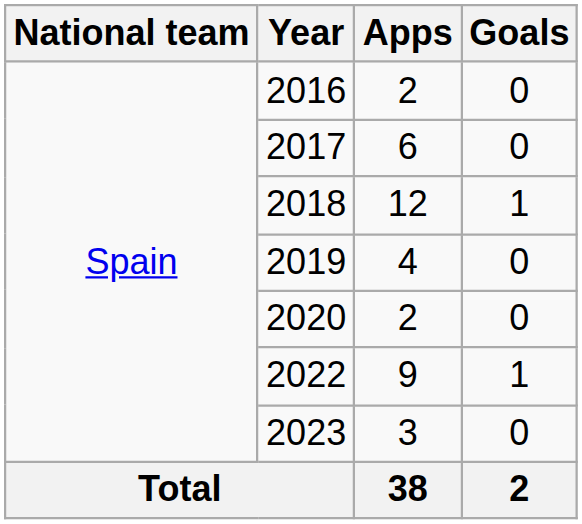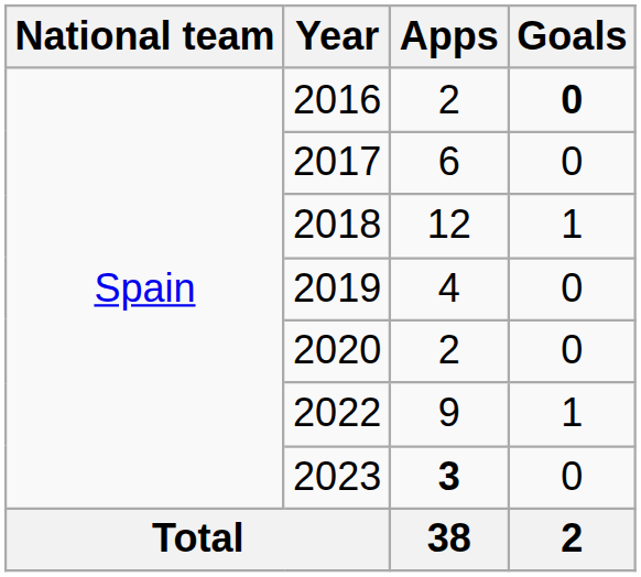 <table class="wikitable" style="text-align: center;">
 <tr>
 <th>National team</th>
 <th>Year</th>
 <th>Apps</th>
 <th>Goals</th>
 </tr>
 <tr>
 <td rowspan="7"><a href='#'>Spain</a></td>
 <td>2016</td>
 <td>2</td>
-<td>0</td>
+<td><strong>0</strong></td>
 </tr>
 <tr>
 <td>2017</td>
 <td>6</td>
 <td>0</td>
 </tr>
 <tr>
 <td>2018</td>
 <td>12</td>
 <td>1</td>
 </tr>
 <tr>
 <td>2019</td>
 <td>4</td>
 <td>0</td>
 </tr>
 <tr>
 <td>2020</td>
 <td>2</td>
 <td>0</td>
 </tr>
 <tr>
 <td>2022</td>
 <td>9</td>
 <td>1</td>
 </tr>
 <tr>
 <td>2023</td>
-<td>3</td>
+<td><strong>3</strong></td>
 <td>0</td>
 </tr>
 <tr>
 <th colspan="2">Total</th>
 <th>38</th>
 <th>2</th>
 </tr>
 </table>
